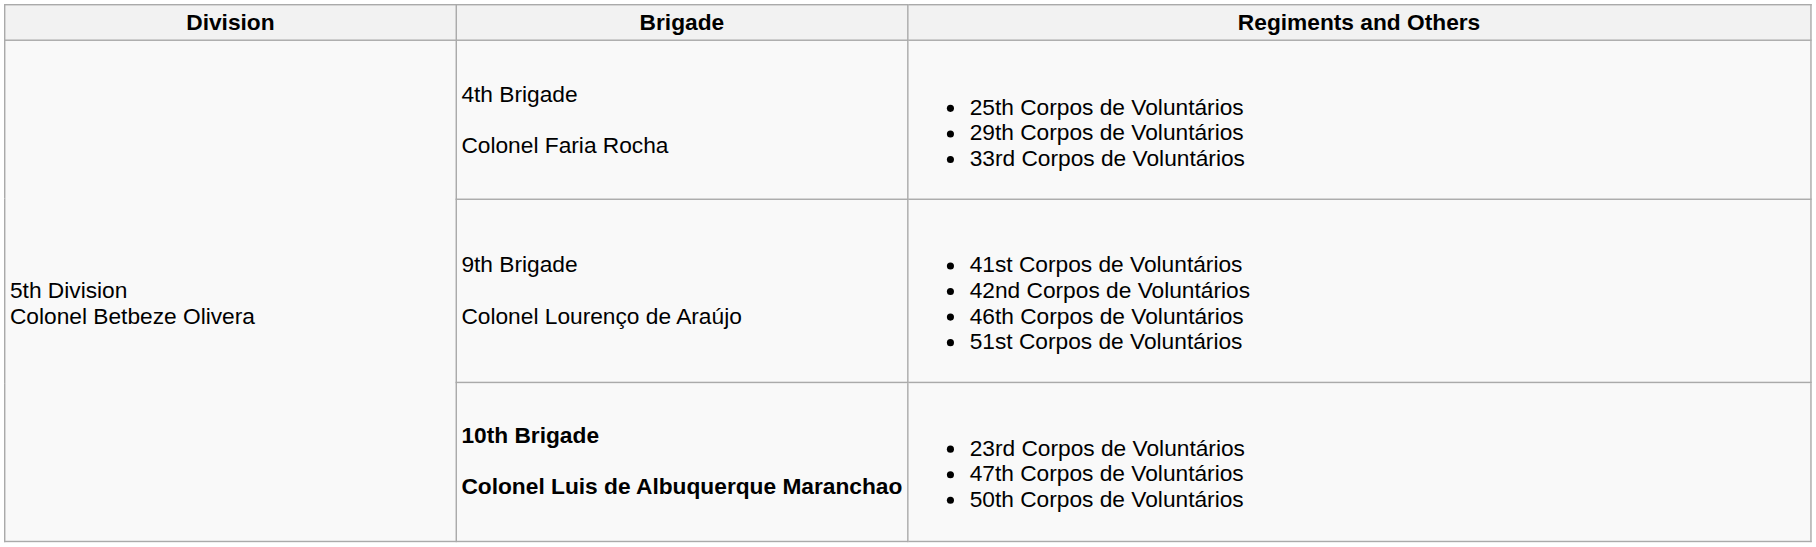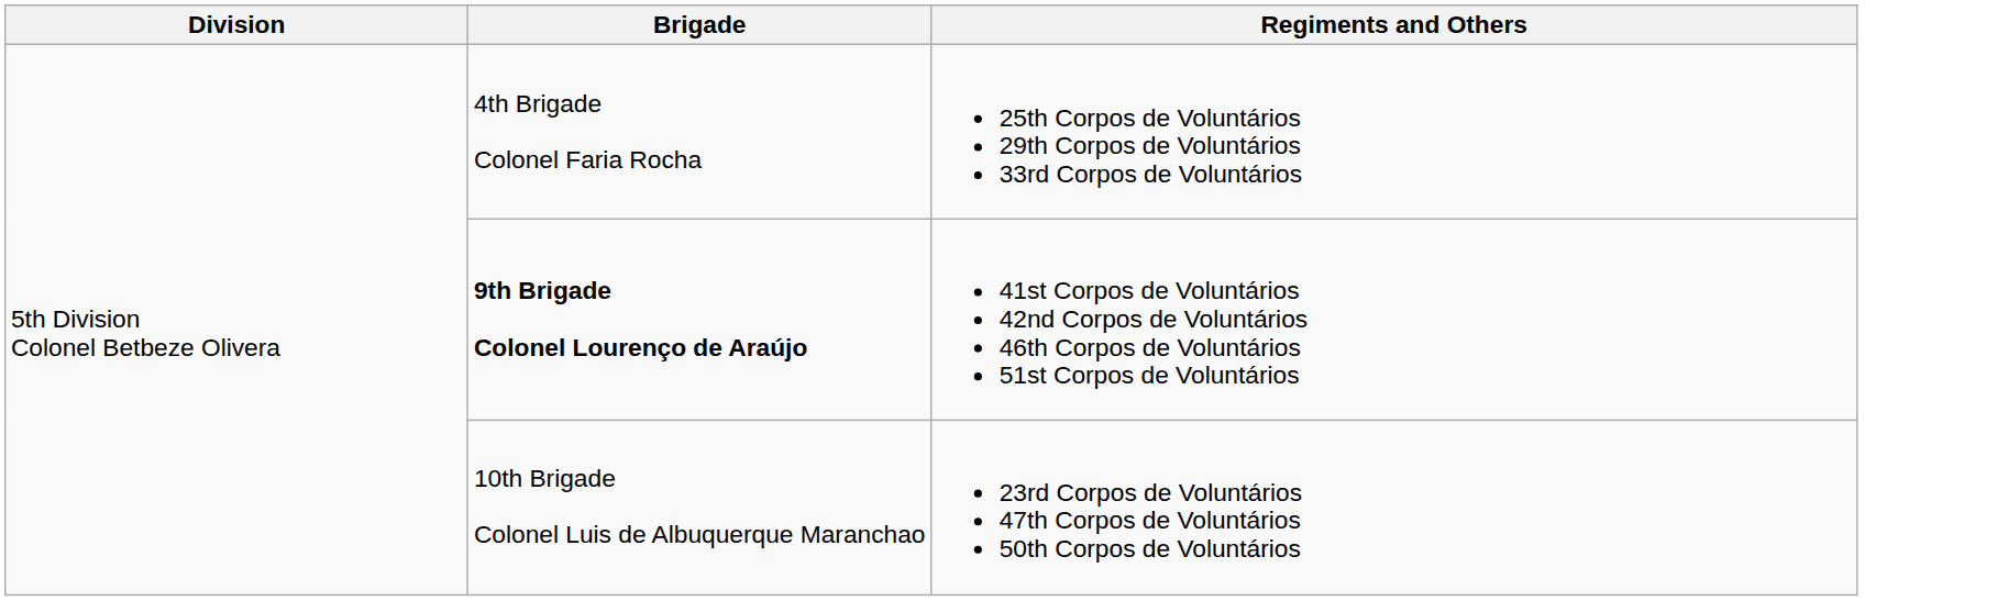 <table class="wikitable">
 <tr>
 <th style="width:25%;">Division</th>
 <th style="width:25%;">Brigade</th>
 <th>Regiments and Others</th>
 </tr>
 <tr>
 <td rowspan=3><br>5th Division <br> Colonel Betbeze Olivera</td>
 <td>4th Brigade<br><br> Colonel Faria Rocha</td>
 <td><br><ul><li>25th Corpos de Voluntários</li><li>29th Corpos de Voluntários</li><li>33rd Corpos de Voluntários</li></ul></td>
 </tr>
 <tr>
-<td>9th Brigade<br><br> Colonel Lourenço de Araújo</td>
+<td><strong>9th Brigade<br><br> Colonel Lourenço de Araújo</strong></td>
 <td><br><ul><li>41st Corpos de Voluntários</li><li>42nd Corpos de Voluntários</li><li>46th Corpos de Voluntários</li><li>51st Corpos de Voluntários</li></ul></td>
 </tr>
 <tr>
-<td><strong>10th Brigade<br><br> Colonel Luis de Albuquerque Maranchao</strong></td>
+<td>10th Brigade<br><br> Colonel Luis de Albuquerque Maranchao</td>
 <td><br><ul><li>23rd Corpos de Voluntários</li><li>47th Corpos de Voluntários</li><li>50th Corpos de Voluntários</li></ul></td>
 </tr>
 </table>
